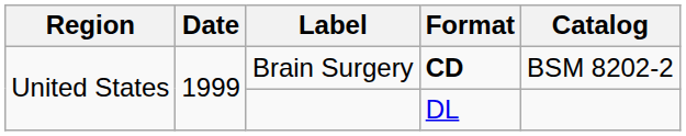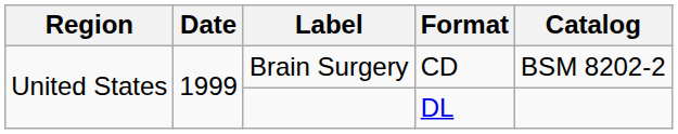 <table class="wikitable">
 <tr>
 <th>Region</th>
 <th>Date</th>
 <th>Label</th>
 <th>Format</th>
 <th>Catalog</th>
 </tr>
 <tr>
 <td rowspan="2">United States</td>
 <td rowspan="2">1999</td>
 <td>Brain Surgery</td>
-<td><strong>CD</strong></td>
+<td>CD</td>
 <td>BSM 8202-2</td>
 </tr>
 <tr>
 <td></td>
 <td><a href='#'>DL</a></td>
 <td></td>
 </tr>
 </table>
